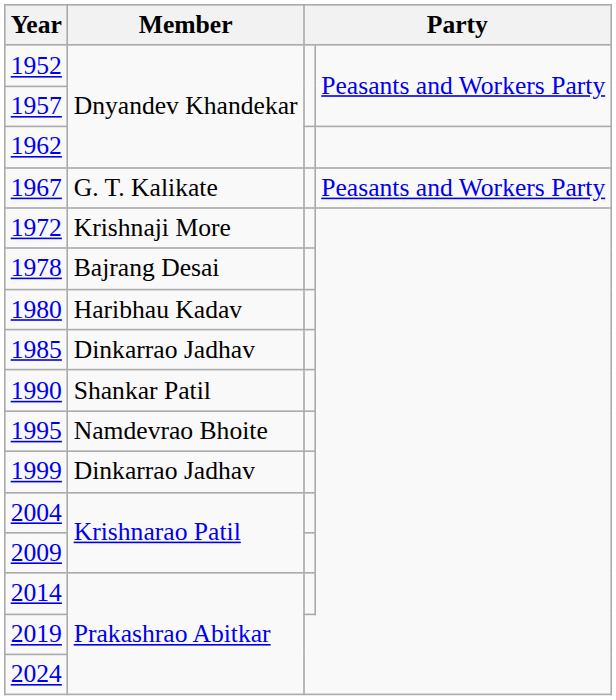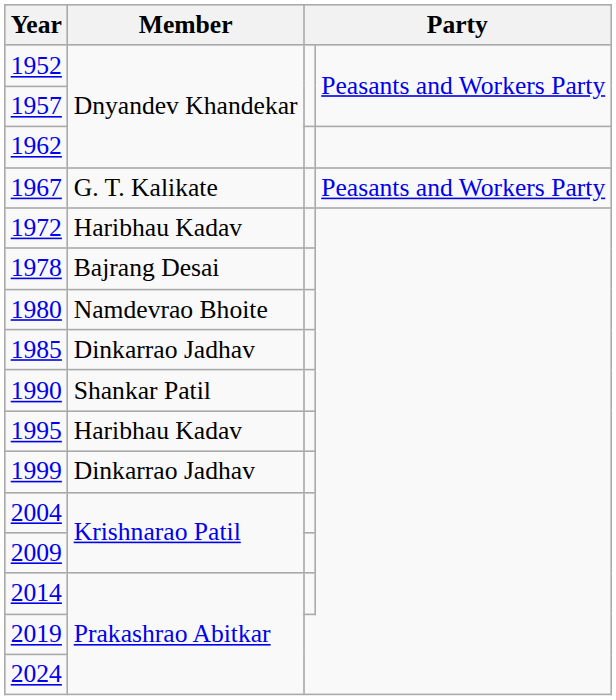 <table class="wikitable">
 <tr>
 <th>Year</th>
 <th>Member</th>
 <th colspan="2">Party</th>
 </tr>
 <tr>
 <td><a href='#'>1952</a></td>
 <td rowspan="3">Dnyandev Khandekar</td>
 <td rowspan="2" style="background-color: "></td>
 <td rowspan="2"><a href='#'>Peasants and Workers Party</a></td>
 </tr>
 <tr>
 <td><a href='#'>1957</a></td>
 </tr>
 <tr>
 <td><a href='#'>1962</a></td>
 <td></td>
 </tr>
 <tr>
 <td><a href='#'>1967</a></td>
 <td>G. T. Kalikate</td>
 <td style="background-color: "></td>
 <td><a href='#'>Peasants and Workers Party</a></td>
 </tr>
 <tr>
 <td><a href='#'>1972</a></td>
-<td>Krishnaji More</td>
+<td>Haribhau Kadav</td>
 <td></td>
 </tr>
 <tr>
 <td><a href='#'>1978</a></td>
 <td>Bajrang Desai</td>
 <td></td>
 </tr>
 <tr>
 <td><a href='#'>1980</a></td>
-<td>Haribhau Kadav</td>
+<td>Namdevrao Bhoite</td>
 <td></td>
 </tr>
 <tr>
 <td><a href='#'>1985</a></td>
 <td>Dinkarrao Jadhav</td>
 <td></td>
 </tr>
 <tr>
 <td><a href='#'>1990</a></td>
 <td>Shankar Patil</td>
 <td></td>
 </tr>
 <tr>
 <td><a href='#'>1995</a></td>
-<td>Namdevrao Bhoite</td>
+<td>Haribhau Kadav</td>
 <td></td>
 </tr>
 <tr>
 <td><a href='#'>1999</a></td>
 <td>Dinkarrao Jadhav</td>
 <td></td>
 </tr>
 <tr>
 <td><a href='#'>2004</a></td>
 <td rowspan="2"><a href='#'>Krishnarao Patil</a></td>
 <td></td>
 </tr>
 <tr>
 <td><a href='#'>2009</a></td>
 <td></td>
 </tr>
 <tr>
 <td><a href='#'>2014</a></td>
 <td rowspan="3"><a href='#'>Prakashrao Abitkar</a></td>
 <td></td>
 </tr>
 <tr>
 <td><a href='#'>2019</a></td>
 </tr>
 <tr>
 <td><a href='#'>2024</a></td>
 </tr>
 </table>
